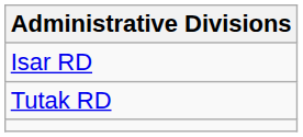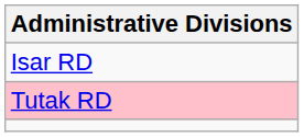 <table class="wikitable">
 <tr>
 <th>Administrative Divisions</th>
 </tr>
 <tr>
 <td><a href='#'>Isar RD</a></td>
 </tr>
 <tr>
-<td><a href='#'>Tutak RD</a></td>
+<td style="background: pink;"><a href='#'>Tutak RD</a></td>
 </tr>
 <tr>
 <td colspan=1></td>
 </tr>
 </table>
